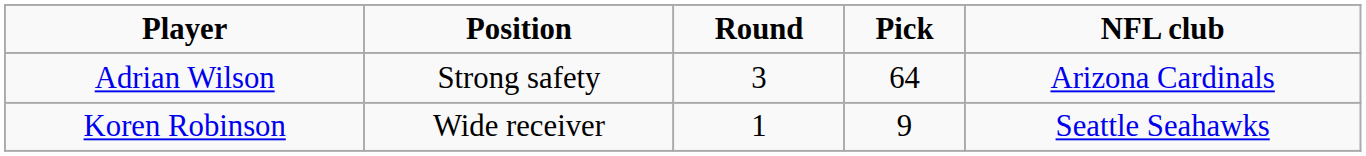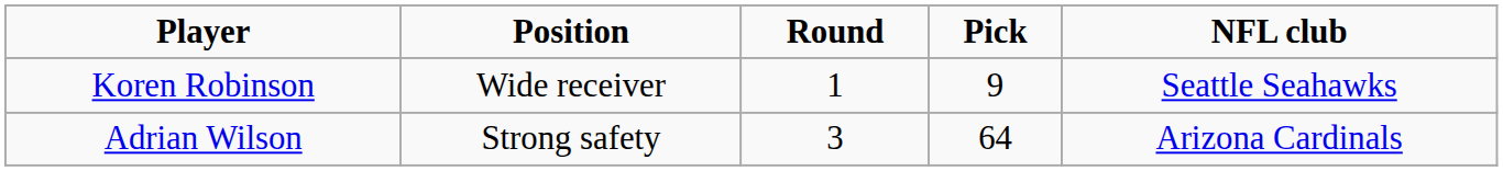 <table class="wikitable" width="80%">
 <tr align="center">
 <td><strong>Player</strong></td>
 <td><strong>Position</strong></td>
 <td><strong>Round</strong></td>
 <td><strong>Pick</strong></td>
 <td><strong>NFL club</strong></td>
 </tr>
 <tr style="text-align:center;" bgcolor="">
+<td><a href='#'>Koren Robinson</a></td>
+<td>Wide receiver</td>
+<td>1</td>
+<td>9</td>
+<td><a href='#'>Seattle Seahawks</a></td>
+</tr>
+<tr style="text-align:center;" bgcolor="">
 <td><a href='#'>Adrian Wilson</a></td>
 <td>Strong safety</td>
 <td>3</td>
 <td>64</td>
 <td><a href='#'>Arizona Cardinals</a></td>
 </tr>
-<tr style="text-align:center;" bgcolor="">
-<td><a href='#'>Koren Robinson</a></td>
-<td>Wide receiver</td>
-<td>1</td>
-<td>9</td>
-<td><a href='#'>Seattle Seahawks</a></td>
-</tr>
 </table>
